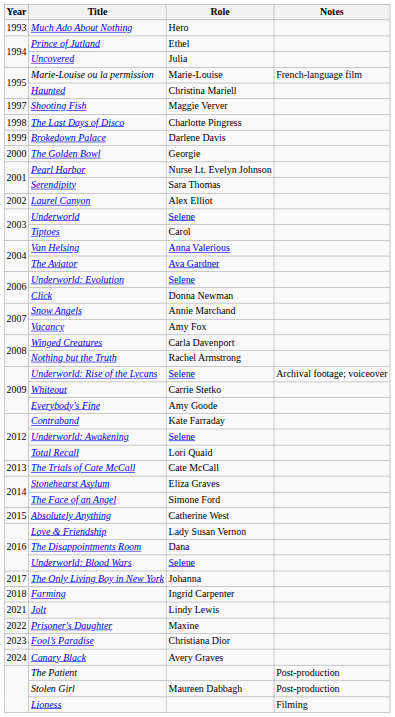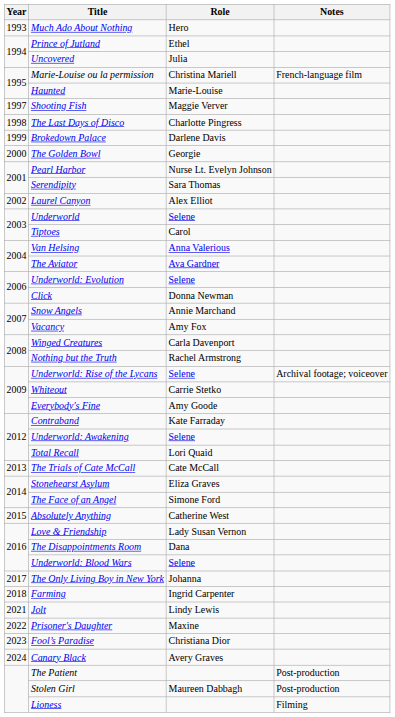 <table class="wikitable sortable">
 <tr>
 <th scope="col">Year</th>
 <th scope="col">Title</th>
 <th scope="col">Role</th>
 <th scope="col" class="unsortable">Notes</th>
 </tr>
 <tr>
 <td>1993</td>
 <td><em><a href='#'>Much Ado About Nothing</a></em></td>
 <td>Hero</td>
 <td></td>
 </tr>
 <tr>
 <td rowspan="2">1994</td>
 <td><em><a href='#'>Prince of Jutland</a></em></td>
 <td>Ethel</td>
 <td></td>
 </tr>
 <tr>
 <td><em><a href='#'>Uncovered</a></em></td>
 <td>Julia</td>
 <td></td>
 </tr>
 <tr>
 <td rowspan="2">1995</td>
 <td><em>Marie-Louise ou la permission</em></td>
-<td>Marie-Louise</td>
+<td>Christina Mariell</td>
 <td>French-language film</td>
 </tr>
 <tr>
 <td><em><a href='#'>Haunted</a></em></td>
-<td>Christina Mariell</td>
+<td>Marie-Louise</td>
 <td></td>
 </tr>
 <tr>
 <td>1997</td>
 <td><em><a href='#'>Shooting Fish</a></em></td>
 <td>Maggie Verver</td>
 <td></td>
 </tr>
 <tr>
 <td>1998</td>
 <td><em><a href='#'>The Last Days of Disco</a></em></td>
 <td>Charlotte Pingress</td>
 <td></td>
 </tr>
 <tr>
 <td>1999</td>
 <td><em><a href='#'>Brokedown Palace</a></em></td>
 <td>Darlene Davis</td>
 <td></td>
 </tr>
 <tr>
 <td>2000</td>
 <td><em><a href='#'>The Golden Bowl</a></em></td>
 <td>Georgie</td>
 <td></td>
 </tr>
 <tr>
 <td rowspan="2">2001</td>
 <td><em><a href='#'>Pearl Harbor</a></em></td>
 <td>Nurse Lt. Evelyn Johnson</td>
 <td></td>
 </tr>
 <tr>
 <td><em><a href='#'>Serendipity</a></em></td>
 <td>Sara Thomas</td>
 <td></td>
 </tr>
 <tr>
 <td>2002</td>
 <td><em><a href='#'>Laurel Canyon</a></em></td>
 <td>Alex Elliot</td>
 <td></td>
 </tr>
 <tr>
 <td rowspan="2">2003</td>
 <td><em><a href='#'>Underworld</a></em></td>
 <td><a href='#'>Selene</a></td>
 <td></td>
 </tr>
 <tr>
 <td><em><a href='#'>Tiptoes</a></em></td>
 <td>Carol</td>
 <td></td>
 </tr>
 <tr>
 <td rowspan="2">2004</td>
 <td><em><a href='#'>Van Helsing</a></em></td>
 <td><a href='#'>Anna Valerious</a></td>
 <td></td>
 </tr>
 <tr>
 <td><em><a href='#'>The Aviator</a></em></td>
 <td><a href='#'>Ava Gardner</a></td>
 <td></td>
 </tr>
 <tr>
 <td rowspan="2">2006</td>
 <td><em><a href='#'>Underworld: Evolution</a></em></td>
 <td><a href='#'>Selene</a></td>
 <td></td>
 </tr>
 <tr>
 <td><em><a href='#'>Click</a></em></td>
 <td>Donna Newman</td>
 <td></td>
 </tr>
 <tr>
 <td rowspan="2">2007</td>
 <td><em><a href='#'>Snow Angels</a></em></td>
 <td>Annie Marchand</td>
 <td></td>
 </tr>
 <tr>
 <td><em><a href='#'>Vacancy</a></em></td>
 <td>Amy Fox</td>
 <td></td>
 </tr>
 <tr>
 <td rowspan="2">2008</td>
 <td><em><a href='#'>Winged Creatures</a></em></td>
 <td>Carla Davenport</td>
 <td></td>
 </tr>
 <tr>
 <td><em><a href='#'>Nothing but the Truth</a></em></td>
 <td>Rachel Armstrong</td>
 <td></td>
 </tr>
 <tr>
 <td rowspan="3">2009</td>
 <td><em><a href='#'>Underworld: Rise of the Lycans</a></em></td>
 <td><a href='#'>Selene</a></td>
 <td>Archival footage; voiceover</td>
 </tr>
 <tr>
 <td><em><a href='#'>Whiteout</a></em></td>
 <td>Carrie Stetko</td>
 <td></td>
 </tr>
 <tr>
 <td><em><a href='#'>Everybody's Fine</a></em></td>
 <td>Amy Goode</td>
 <td></td>
 </tr>
 <tr>
 <td rowspan="3">2012</td>
 <td><em><a href='#'>Contraband</a></em></td>
 <td>Kate Farraday</td>
 <td></td>
 </tr>
 <tr>
 <td><em><a href='#'>Underworld: Awakening</a></em></td>
 <td><a href='#'>Selene</a></td>
 <td></td>
 </tr>
 <tr>
 <td><em><a href='#'>Total Recall</a></em></td>
 <td>Lori Quaid</td>
 <td></td>
 </tr>
 <tr>
 <td>2013</td>
 <td><em><a href='#'>The Trials of Cate McCall</a></em></td>
 <td>Cate McCall</td>
 <td></td>
 </tr>
 <tr>
 <td rowspan="2">2014</td>
 <td><em><a href='#'>Stonehearst Asylum</a></em></td>
 <td>Eliza Graves</td>
 <td></td>
 </tr>
 <tr>
 <td><em><a href='#'>The Face of an Angel</a></em></td>
 <td>Simone Ford</td>
 <td></td>
 </tr>
 <tr>
 <td>2015</td>
 <td><em><a href='#'>Absolutely Anything</a></em></td>
 <td>Catherine West</td>
 <td></td>
 </tr>
 <tr>
 <td rowspan="3">2016</td>
 <td><em><a href='#'>Love & Friendship</a></em></td>
 <td>Lady Susan Vernon</td>
 <td></td>
 </tr>
 <tr>
 <td><em><a href='#'>The Disappointments Room</a></em></td>
 <td>Dana</td>
 <td></td>
 </tr>
 <tr>
 <td><em><a href='#'>Underworld: Blood Wars</a></em></td>
 <td><a href='#'>Selene</a></td>
 <td></td>
 </tr>
 <tr>
 <td>2017</td>
 <td><em><a href='#'>The Only Living Boy in New York</a></em></td>
 <td>Johanna</td>
 <td></td>
 </tr>
 <tr>
 <td>2018</td>
 <td><em><a href='#'>Farming</a></em></td>
 <td>Ingrid Carpenter</td>
 <td></td>
 </tr>
 <tr>
 <td>2021</td>
 <td><em><a href='#'>Jolt</a></em></td>
 <td>Lindy Lewis</td>
 <td></td>
 </tr>
 <tr>
 <td>2022</td>
 <td><em><a href='#'>Prisoner's Daughter</a></em></td>
 <td>Maxine</td>
 <td></td>
 </tr>
 <tr>
 <td>2023</td>
 <td><em><a href='#'>Fool’s Paradise</a></em></td>
 <td>Christiana Dior</td>
 <td></td>
 </tr>
 <tr>
 <td>2024</td>
 <td><em><a href='#'>Canary Black</a></em></td>
 <td>Avery Graves</td>
 <td></td>
 </tr>
 <tr>
 <td rowspan="3"></td>
 <td><em>The Patient</em> </td>
 <td></td>
 <td>Post-production</td>
 </tr>
 <tr>
 <td><em>Stolen Girl</em> </td>
 <td>Maureen Dabbagh</td>
 <td>Post-production</td>
 </tr>
 <tr>
 <td><em><a href='#'>Lioness</a></em>  </td>
 <td></td>
 <td>Filming</td>
 </tr>
 </table>
